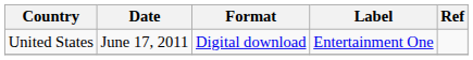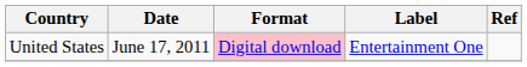 <table class="wikitable">
 <tr>
 <th>Country</th>
 <th>Date</th>
 <th>Format</th>
 <th>Label</th>
 <th>Ref</th>
 </tr>
 <tr>
 <td>United States</td>
 <td rowspan="1">June 17, 2011</td>
-<td rowspan="1"><a href='#'>Digital download</a></td>
+<td rowspan="1" style="background: pink;"><a href='#'>Digital download</a></td>
 <td rowspan="1"><a href='#'>Entertainment One</a></td>
 <td></td>
 </tr>
 <tr>
 </tr>
 </table>
